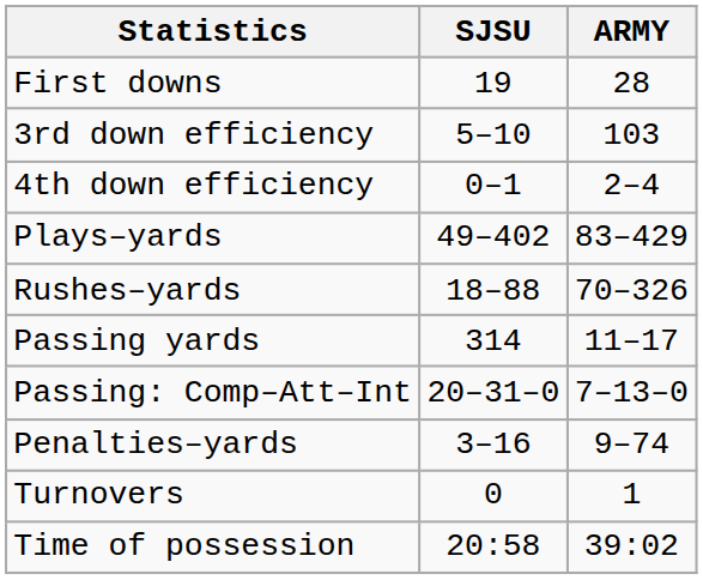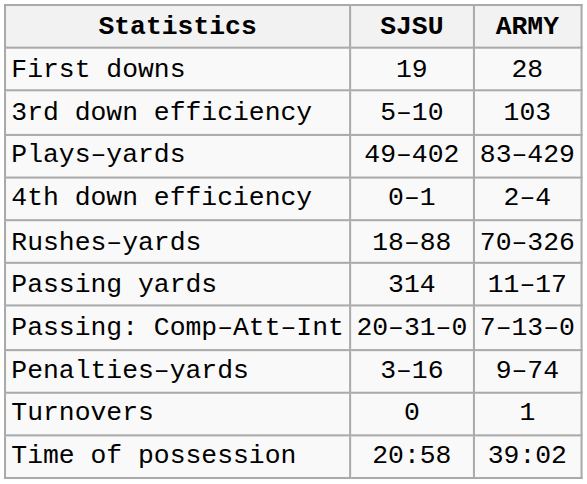 <table class="wikitable">
 <tr>
 <th>Statistics</th>
 <th>SJSU</th>
 <th>ARMY</th>
 </tr>
 <tr>
 <td>First downs</td>
 <td align=center>19</td>
 <td align=center>28</td>
 </tr>
 <tr>
 <td>3rd down efficiency</td>
 <td align=center>5–10</td>
 <td align=center>103</td>
 </tr>
 <tr>
+<td>Plays–yards</td>
+<td align=center>49–402</td>
+<td align=center>83–429</td>
+</tr>
+<tr>
 <td>4th down efficiency</td>
 <td align=center>0–1</td>
 <td align=center>2–4</td>
-</tr>
-<tr>
-<td>Plays–yards</td>
-<td align=center>49–402</td>
-<td align=center>83–429</td>
 </tr>
 <tr>
 <td>Rushes–yards</td>
 <td align=center>18–88</td>
 <td align=center>70–326</td>
 </tr>
 <tr>
 <td>Passing yards</td>
 <td align=center>314</td>
 <td align=center>11–17</td>
 </tr>
 <tr>
 <td>Passing: Comp–Att–Int</td>
 <td align=center>20–31–0</td>
 <td align=center>7–13–0</td>
 </tr>
 <tr>
 <td>Penalties–yards</td>
 <td align=center>3–16</td>
 <td align=center>9–74</td>
 </tr>
 <tr>
 <td>Turnovers</td>
 <td align=center>0</td>
 <td align=center>1</td>
 </tr>
 <tr>
 <td>Time of possession</td>
 <td align=center>20:58</td>
 <td align=center>39:02</td>
 </tr>
 </table>
